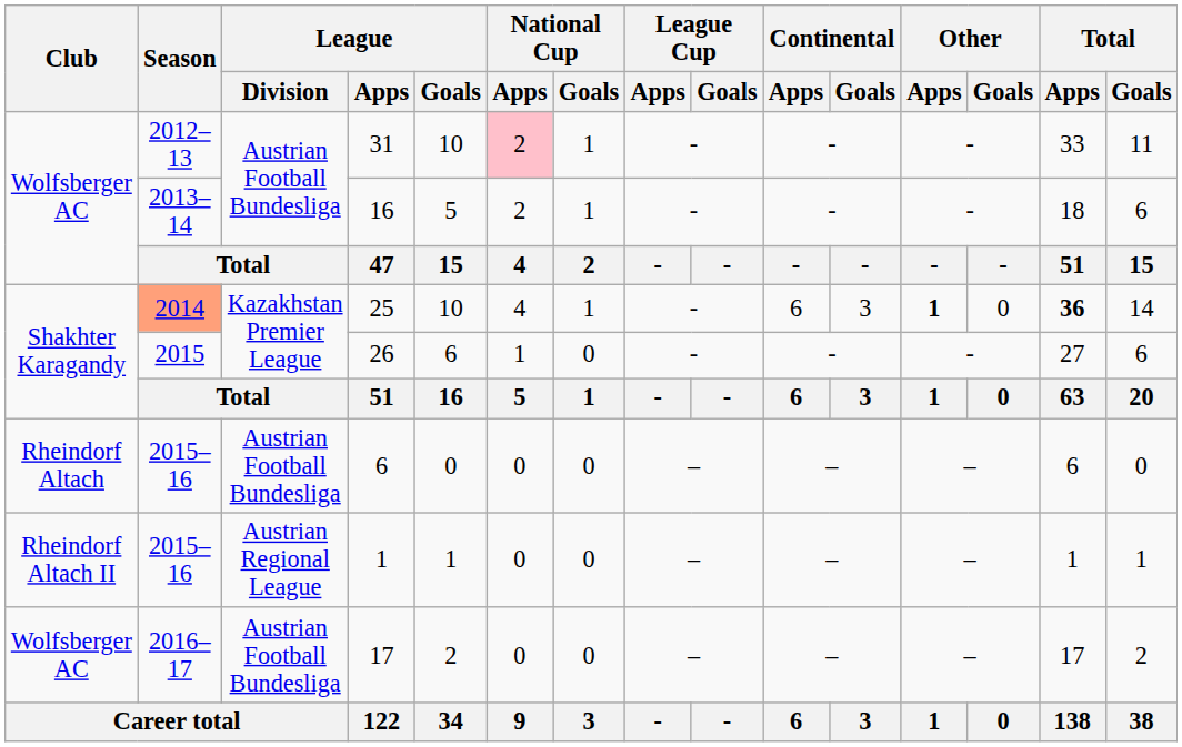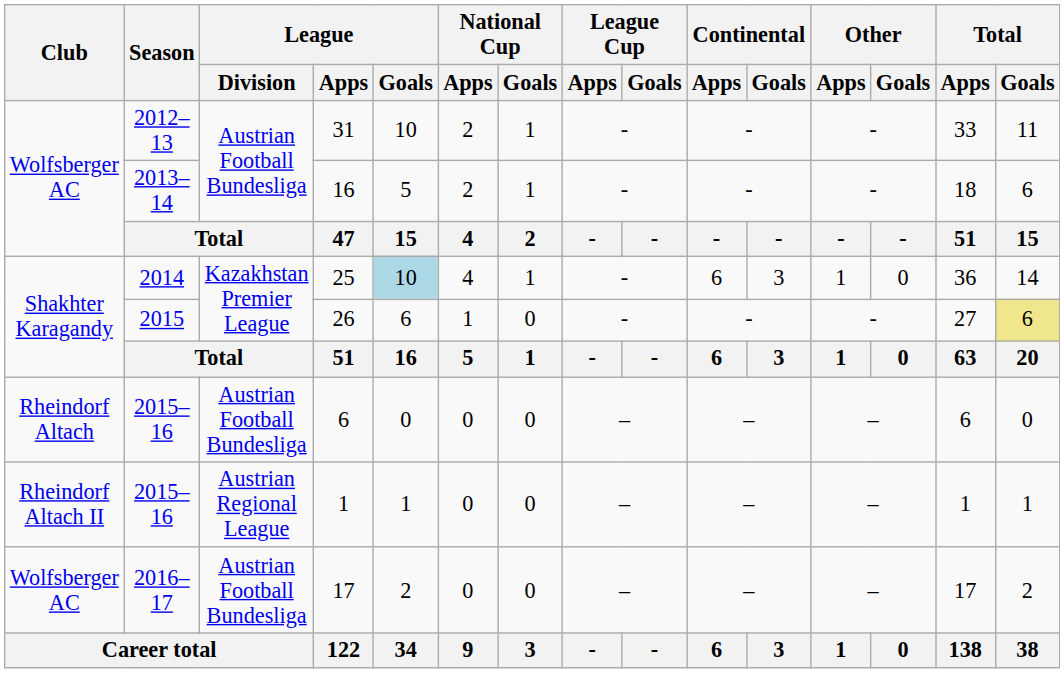 <table class="wikitable" style="text-align: center;">
 <tr>
 <th rowspan="2">Club</th>
 <th rowspan="2">Season</th>
 <th colspan="3">League</th>
 <th colspan="2">National Cup</th>
 <th colspan="2">League Cup</th>
 <th colspan="2">Continental</th>
 <th colspan="2">Other</th>
 <th colspan="2">Total</th>
 </tr>
 <tr>
 <th>Division</th>
 <th>Apps</th>
 <th>Goals</th>
 <th>Apps</th>
 <th>Goals</th>
 <th>Apps</th>
 <th>Goals</th>
 <th>Apps</th>
 <th>Goals</th>
 <th>Apps</th>
 <th>Goals</th>
 <th>Apps</th>
 <th>Goals</th>
 </tr>
 <tr>
 <td rowspan="3" valign="center"><a href='#'>Wolfsberger AC</a></td>
 <td><a href='#'>2012–13</a></td>
 <td rowspan="2" valign="center"><a href='#'>Austrian Football Bundesliga</a></td>
 <td>31</td>
 <td>10</td>
-<td style="background: pink;">2</td>
+<td>2</td>
 <td>1</td>
 <td colspan="2">-</td>
 <td colspan="2">-</td>
 <td colspan="2">-</td>
 <td>33</td>
 <td>11</td>
 </tr>
 <tr>
 <td><a href='#'>2013–14</a></td>
 <td>16</td>
 <td>5</td>
 <td>2</td>
 <td>1</td>
 <td colspan="2">-</td>
 <td colspan="2">-</td>
 <td colspan="2">-</td>
 <td>18</td>
 <td>6</td>
 </tr>
 <tr>
 <th colspan="2">Total</th>
 <th>47</th>
 <th>15</th>
 <th>4</th>
 <th>2</th>
 <th>-</th>
 <th>-</th>
 <th>-</th>
 <th>-</th>
 <th>-</th>
 <th>-</th>
 <th>51</th>
 <th>15</th>
 </tr>
 <tr>
 <td rowspan="3" valign="center"><a href='#'>Shakhter Karagandy</a></td>
-<td style="background: lightsalmon;"><a href='#'>2014</a></td>
+<td><a href='#'>2014</a></td>
 <td rowspan="2" valign="center"><a href='#'>Kazakhstan Premier League</a></td>
 <td>25</td>
-<td>10</td>
+<td style="background: lightblue;">10</td>
 <td>4</td>
 <td>1</td>
 <td colspan="2">-</td>
 <td>6</td>
 <td>3</td>
-<td><strong>1</strong></td>
+<td>1</td>
 <td>0</td>
-<td><strong>36</strong></td>
+<td>36</td>
 <td>14</td>
 </tr>
 <tr>
 <td><a href='#'>2015</a></td>
 <td>26</td>
 <td>6</td>
 <td>1</td>
 <td>0</td>
 <td colspan="2">-</td>
 <td colspan="2">-</td>
 <td colspan="2">-</td>
 <td>27</td>
-<td>6</td>
+<td style="background: khaki;">6</td>
 </tr>
 <tr>
 <th colspan="2">Total</th>
 <th>51</th>
 <th>16</th>
 <th>5</th>
 <th>1</th>
 <th>-</th>
 <th>-</th>
 <th>6</th>
 <th>3</th>
 <th>1</th>
 <th>0</th>
 <th>63</th>
 <th>20</th>
 </tr>
 <tr>
 <td valign="center"><a href='#'>Rheindorf Altach</a></td>
 <td><a href='#'>2015–16</a></td>
 <td><a href='#'>Austrian Football Bundesliga</a></td>
 <td>6</td>
 <td>0</td>
 <td>0</td>
 <td>0</td>
 <td colspan="2">–</td>
 <td colspan="2">–</td>
 <td colspan="2">–</td>
 <td>6</td>
 <td>0</td>
 </tr>
 <tr>
 <td valign="center"><a href='#'>Rheindorf Altach II</a></td>
 <td><a href='#'>2015–16</a></td>
 <td><a href='#'>Austrian Regional League</a></td>
 <td>1</td>
 <td>1</td>
 <td>0</td>
 <td>0</td>
 <td colspan="2">–</td>
 <td colspan="2">–</td>
 <td colspan="2">–</td>
 <td>1</td>
 <td>1</td>
 </tr>
 <tr>
 <td valign="center"><a href='#'>Wolfsberger AC</a></td>
 <td><a href='#'>2016–17</a></td>
 <td><a href='#'>Austrian Football Bundesliga</a></td>
 <td>17</td>
 <td>2</td>
 <td>0</td>
 <td>0</td>
 <td colspan="2">–</td>
 <td colspan="2">–</td>
 <td colspan="2">–</td>
 <td>17</td>
 <td>2</td>
 </tr>
 <tr>
 <th colspan="3">Career total</th>
 <th>122</th>
 <th>34</th>
 <th>9</th>
 <th>3</th>
 <th>-</th>
 <th>-</th>
 <th>6</th>
 <th>3</th>
 <th>1</th>
 <th>0</th>
 <th>138</th>
 <th>38</th>
 </tr>
 </table>
